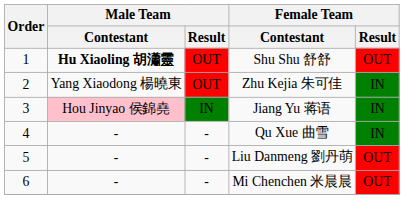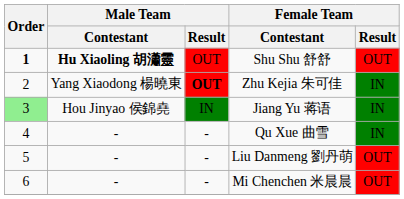 <table class="wikitable" style="text-align:center">
 <tr>
 <th rowspan="2">Order</th>
 <th colspan="2">Male Team</th>
 <th colspan="2">Female Team</th>
 </tr>
 <tr>
 <th>Contestant</th>
 <th>Result</th>
 <th>Contestant</th>
 <th>Result</th>
 </tr>
 <tr>
-<td>1</td>
+<td><strong>1</strong></td>
 <td><strong>Hu Xiaoling 胡瀟靈</strong></td>
 <td style="background:red; ">OUT</td>
 <td>Shu Shu 舒舒</td>
 <td style="background:red; ">OUT</td>
 </tr>
 <tr>
 <td>2</td>
 <td>Yang Xiaodong 楊曉東</td>
-<td style="background:red; ">OUT</td>
+<td style="background:red; "><strong>OUT</strong></td>
 <td>Zhu Kejia 朱可佳</td>
 <td style="background:green; ">IN</td>
 </tr>
 <tr>
-<td>3</td>
-<td style="background: pink;">Hou Jinyao 侯錦堯</td>
+<td style="background: lightgreen;">3</td>
+<td>Hou Jinyao 侯錦堯</td>
 <td style="background:green; ">IN</td>
 <td>Jiang Yu 蒋语</td>
 <td style="background:green; ">IN</td>
 </tr>
 <tr>
 <td>4</td>
 <td>-</td>
 <td>-</td>
 <td>Qu Xue 曲雪</td>
 <td style="background:green; ">IN</td>
 </tr>
 <tr>
 <td>5</td>
 <td>-</td>
 <td>-</td>
 <td>Liu Danmeng  劉丹萌</td>
 <td style="background:red; ">OUT</td>
 </tr>
 <tr>
 <td>6</td>
 <td>-</td>
 <td>-</td>
 <td>Mi Chenchen  米晨晨</td>
 <td style="background:red; ">OUT</td>
 </tr>
 <tr>
 </tr>
 </table>
